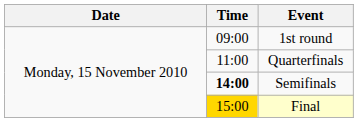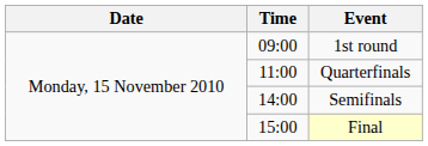 <table class = "wikitable" style="text-align:center;">
 <tr>
 <th width=220>Date</th>
 <th width=50>Time</th>
 <th width=100>Event</th>
 </tr>
 <tr>
 <td rowspan=4>Monday, 15 November 2010</td>
 <td>09:00</td>
 <td>1st round</td>
 </tr>
 <tr>
 <td>11:00</td>
 <td>Quarterfinals</td>
 </tr>
 <tr>
-<td><strong>14:00</strong></td>
+<td>14:00</td>
 <td>Semifinals</td>
 </tr>
 <tr>
-<td style="background: gold;">15:00</td>
+<td>15:00</td>
 <td bgcolor=ffffcc>Final</td>
 </tr>
 </table>
